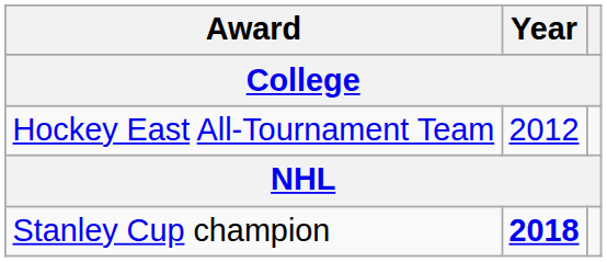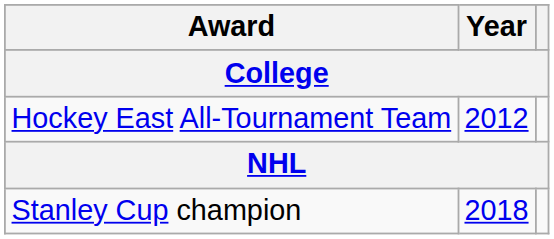 <table class="wikitable">
 <tr>
 <th>Award</th>
 <th>Year</th>
 <th></th>
 </tr>
 <tr>
 <th colspan="3"><a href='#'>College</a></th>
 </tr>
 <tr>
 <td><a href='#'>Hockey East</a> <a href='#'>All-Tournament Team</a></td>
 <td><a href='#'>2012</a></td>
 <td></td>
 </tr>
 <tr>
 <th colspan="3"><a href='#'>NHL</a></th>
 </tr>
 <tr>
 <td><a href='#'>Stanley Cup</a> champion</td>
-<td><strong><a href='#'>2018</a></strong></td>
+<td><a href='#'>2018</a></td>
 <td></td>
 </tr>
 </table>
